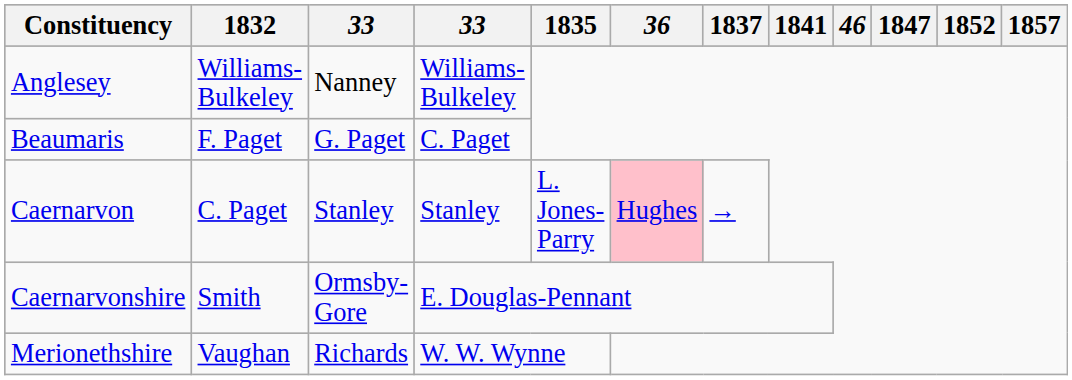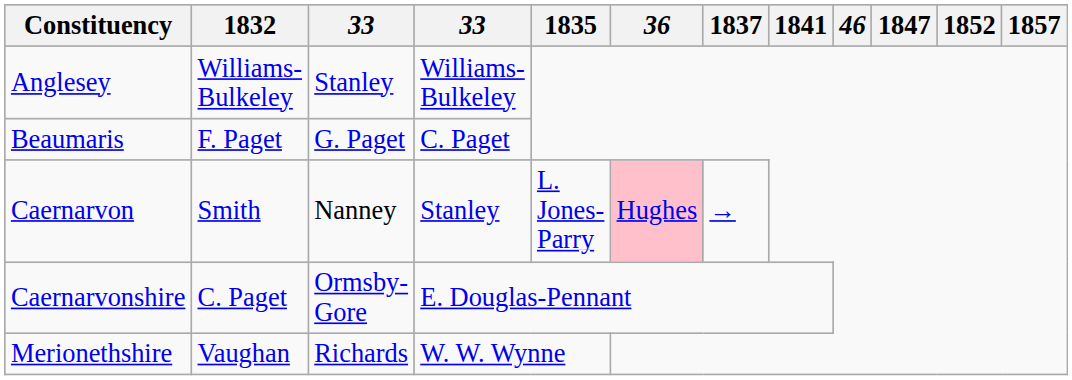 <table class="wikitable">
 <tr>
 <th>Constituency</th>
 <th>1832</th>
 <th><em>33</em></th>
 <th><em>33</em></th>
 <th>1835</th>
 <th><em>36</em></th>
 <th>1837</th>
 <th>1841</th>
 <th><em>46</em></th>
 <th>1847</th>
 <th>1852</th>
 <th>1857</th>
 </tr>
 <tr>
 <td><a href='#'>Anglesey</a></td>
 <td><a href='#'>Williams-Bulkeley</a></td>
-<td>Nanney</td>
+<td><a href='#'>Stanley</a></td>
 <td><a href='#'>Williams-Bulkeley</a></td>
 </tr>
 <tr>
 <td><a href='#'>Beaumaris</a></td>
 <td><a href='#'>F. Paget</a></td>
 <td><a href='#'>G. Paget</a></td>
 <td><a href='#'>C. Paget</a></td>
 </tr>
 <tr>
 <td><a href='#'>Caernarvon</a></td>
-<td><a href='#'>C. Paget</a></td>
-<td><a href='#'>Stanley</a></td>
+<td><a href='#'>Smith</a></td>
+<td>Nanney</td>
 <td><a href='#'>Stanley</a></td>
 <td><a href='#'>L. Jones-Parry</a></td>
 <td style="background: pink;"><a href='#'>Hughes</a></td>
 <td><a href='#'>→</a></td>
 </tr>
 <tr>
 <td><a href='#'>Caernarvonshire</a></td>
-<td><a href='#'>Smith</a></td>
+<td><a href='#'>C. Paget</a></td>
 <td><a href='#'>Ormsby-Gore</a></td>
 <td colspan="5"><a href='#'>E. Douglas-Pennant</a></td>
 </tr>
 <tr>
 <td><a href='#'>Merionethshire</a></td>
 <td><a href='#'>Vaughan</a></td>
 <td><a href='#'>Richards</a></td>
 <td colspan="2"><a href='#'>W. W. Wynne</a></td>
 </tr>
 </table>
